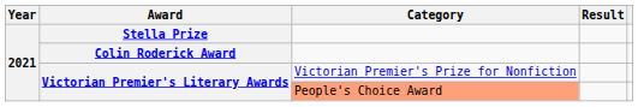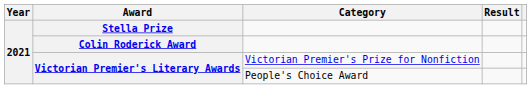 <table class="wikitable sortable">
 <tr>
 <th>Year</th>
 <th>Award</th>
 <th>Category</th>
 <th>Result</th>
 <th></th>
 </tr>
 <tr>
 <th rowspan="4">2021</th>
 <th rowspan = "1"><a href='#'>Stella Prize</a></th>
 <td></td>
 <td></td>
 <td></td>
 </tr>
 <tr>
 <th rowspan = "1"><a href='#'>Colin Roderick Award</a></th>
 <td></td>
 <td></td>
 <td></td>
 </tr>
 <tr>
 <th rowspan = "2"><a href='#'>Victorian Premier's Literary Awards</a></th>
 <td><a href='#'>Victorian Premier's Prize for Nonfiction</a></td>
 <td></td>
 <td></td>
 </tr>
 <tr>
-<td style="background: lightsalmon;">People's Choice Award</td>
+<td>People's Choice Award</td>
 <td></td>
 <td></td>
 </tr>
 </table>
